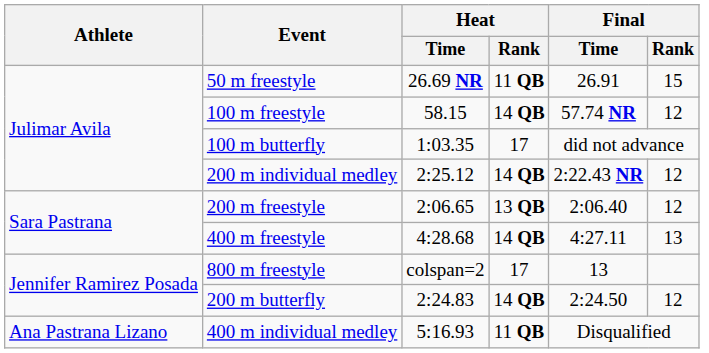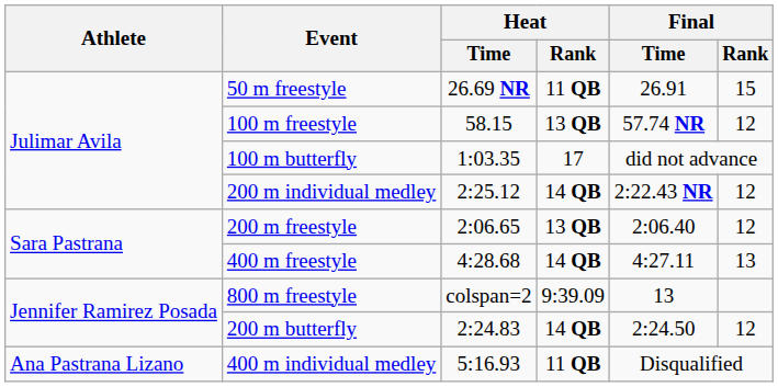 <table class=wikitable style="font-size:90%">
 <tr>
 <th rowspan="2">Athlete</th>
 <th rowspan="2">Event</th>
 <th colspan="2">Heat</th>
 <th colspan="2">Final</th>
 </tr>
 <tr style="font-size:95%">
 <th>Time</th>
 <th>Rank</th>
 <th>Time</th>
 <th>Rank</th>
 </tr>
 <tr align=center>
 <td align=left rowspan=4><a href='#'>Julimar Avila</a></td>
 <td align=left><a href='#'>50 m freestyle</a></td>
 <td>26.69 <strong><a href='#'>NR</a></strong></td>
 <td>11 <strong>QB</strong></td>
 <td>26.91</td>
 <td>15</td>
 </tr>
 <tr align=center>
 <td align=left><a href='#'>100 m freestyle</a></td>
 <td>58.15</td>
-<td>14 <strong>QB</strong></td>
+<td>13 <strong>QB</strong></td>
 <td>57.74 <strong><a href='#'>NR</a></strong></td>
 <td>12</td>
 </tr>
 <tr align=center>
 <td align=left><a href='#'>100 m butterfly</a></td>
 <td>1:03.35</td>
 <td>17</td>
 <td colspan="2">did not advance</td>
 </tr>
 <tr align=center>
 <td align=left><a href='#'>200 m individual medley</a></td>
 <td>2:25.12</td>
 <td>14 <strong>QB</strong></td>
 <td>2:22.43 <strong><a href='#'>NR</a></strong></td>
 <td>12</td>
 </tr>
 <tr align=center>
 <td align=left rowspan=2><a href='#'>Sara Pastrana</a></td>
 <td align=left><a href='#'>200 m freestyle</a></td>
 <td>2:06.65</td>
 <td>13 <strong>QB</strong></td>
 <td>2:06.40</td>
 <td>12</td>
 </tr>
 <tr align=center>
 <td align=left><a href='#'>400 m freestyle</a></td>
 <td>4:28.68</td>
 <td>14 <strong>QB</strong></td>
 <td>4:27.11</td>
 <td>13</td>
 </tr>
 <tr align=center>
 <td align=left rowspan=2><a href='#'>Jennifer Ramirez Posada</a></td>
 <td align=left><a href='#'>800 m freestyle</a></td>
 <td>colspan=2 </td>
-<td>17</td>
+<td>9:39.09</td>
 <td>13</td>
 </tr>
 <tr align=center>
 <td align=left><a href='#'>200 m butterfly</a></td>
 <td>2:24.83</td>
 <td>14 <strong>QB</strong></td>
 <td>2:24.50</td>
 <td>12</td>
 </tr>
 <tr align=center>
 <td align=left><a href='#'>Ana Pastrana Lizano</a></td>
 <td align=left><a href='#'>400 m individual medley</a></td>
 <td>5:16.93</td>
 <td>11 <strong>QB</strong></td>
 <td colspan=2>Disqualified</td>
 </tr>
 </table>
